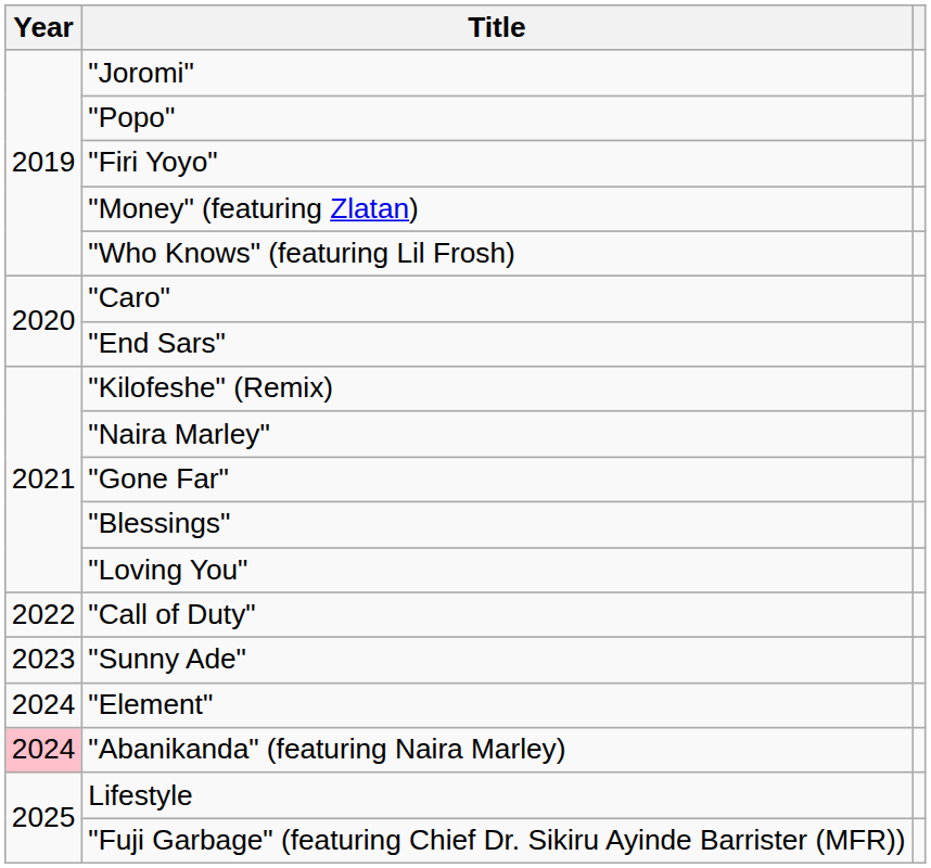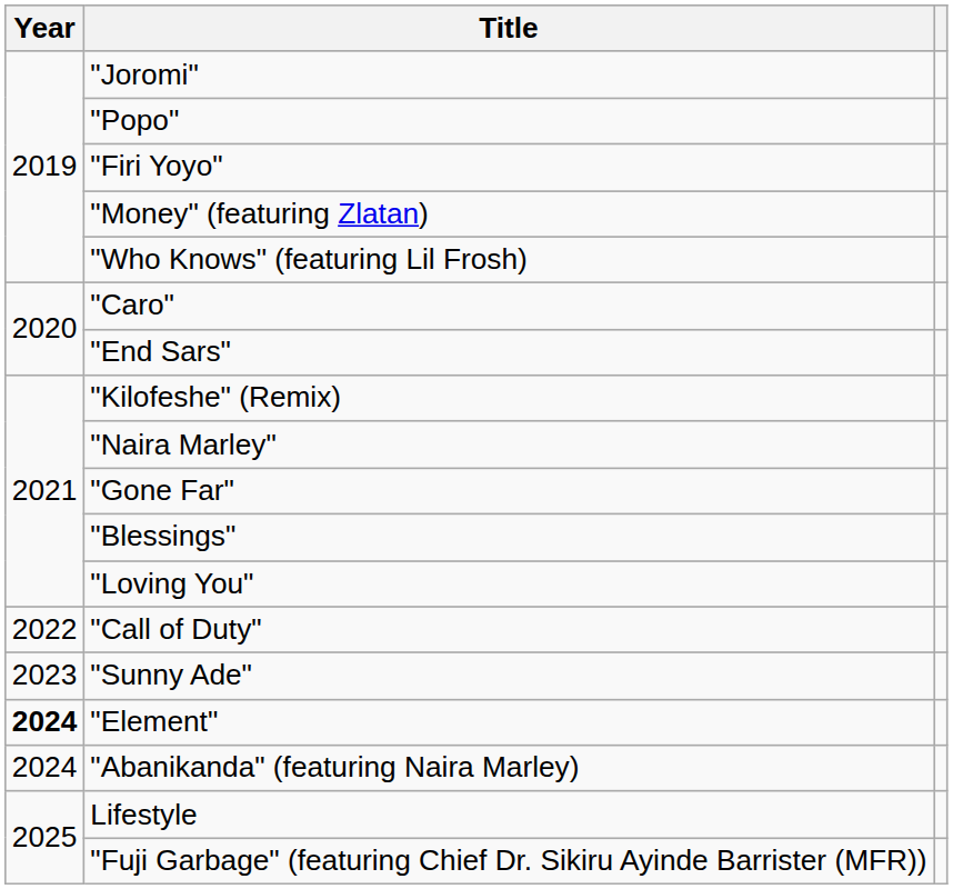 <table class="wikitable">
 <tr>
 <th>Year</th>
 <th>Title</th>
 <th></th>
 </tr>
 <tr>
 <td rowspan="5">2019</td>
 <td>"Joromi"</td>
 <td></td>
 </tr>
 <tr>
 <td>"Popo"</td>
 <td></td>
 </tr>
 <tr>
 <td>"Firi Yoyo"</td>
 <td></td>
 </tr>
 <tr>
 <td>"Money" (featuring <a href='#'>Zlatan</a>)</td>
 <td></td>
 </tr>
 <tr>
 <td>"Who Knows" (featuring Lil Frosh)</td>
 <td></td>
 </tr>
 <tr>
 <td rowspan="2">2020</td>
 <td>"Caro"</td>
 <td></td>
 </tr>
 <tr>
 <td>"End Sars"</td>
 <td></td>
 </tr>
 <tr>
 <td rowspan="5">2021</td>
 <td>"Kilofeshe" (Remix)</td>
 <td></td>
 </tr>
 <tr>
 <td>"Naira Marley"</td>
 <td></td>
 </tr>
 <tr>
 <td>"Gone Far"</td>
 <td></td>
 </tr>
 <tr>
 <td>"Blessings"</td>
 <td></td>
 </tr>
 <tr>
 <td>"Loving You"</td>
 <td></td>
 </tr>
 <tr>
 <td>2022</td>
 <td>"Call of Duty"</td>
 <td></td>
 </tr>
 <tr>
 <td>2023</td>
 <td>"Sunny Ade"</td>
 <td></td>
 </tr>
 <tr>
-<td>2024</td>
+<td><strong>2024</strong></td>
 <td>"Element"</td>
 <td></td>
 </tr>
 <tr>
-<td style="background: pink;">2024</td>
+<td>2024</td>
 <td>"Abanikanda" (featuring Naira Marley)</td>
 <td></td>
 </tr>
 <tr>
 <td rowspan="2">2025</td>
 <td>Lifestyle</td>
 <td></td>
 </tr>
 <tr>
 <td>"Fuji Garbage" (featuring Chief Dr. Sikiru Ayinde Barrister (MFR))</td>
 <td></td>
 </tr>
 </table>
